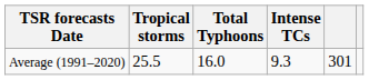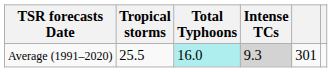 <table class="wikitable" style="float:right">
 <tr>
 <th>TSR forecasts<br>Date</th>
 <th>Tropical<br>storms</th>
 <th>Total<br>Typhoons</th>
 <th>Intense<br>TCs</th>
 <th></th>
 <th></th>
 </tr>
 <tr>
 <td><small>Average (1991–2020)</small></td>
 <td>25.5</td>
-<td>16.0</td>
-<td>9.3</td>
+<td style="background: paleturquoise;">16.0</td>
+<td style="background: lightgrey;">9.3</td>
 <td>301</td>
 <td></td>
 </tr>
 </table>
